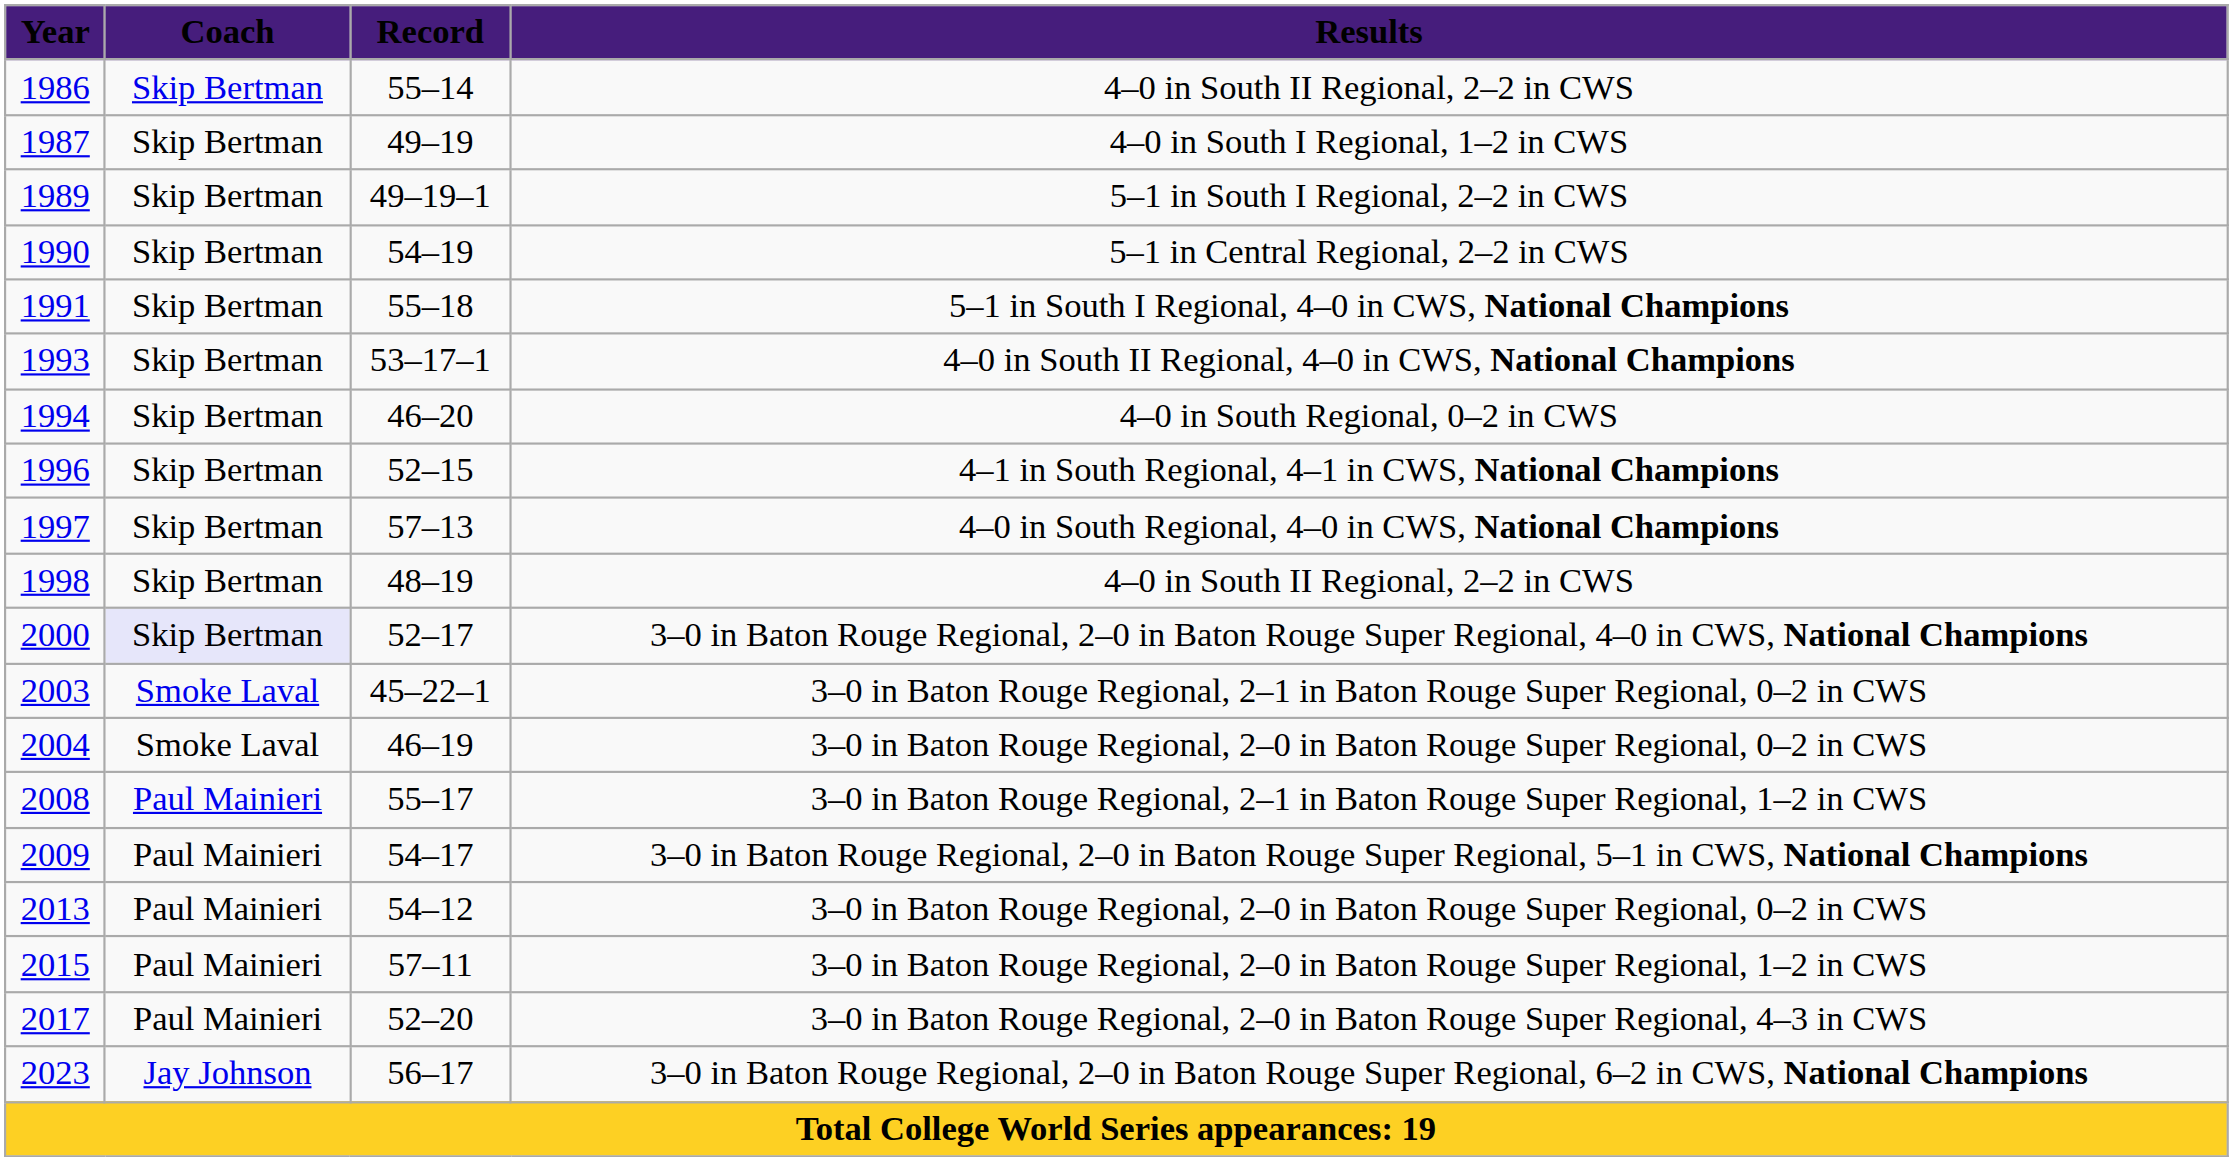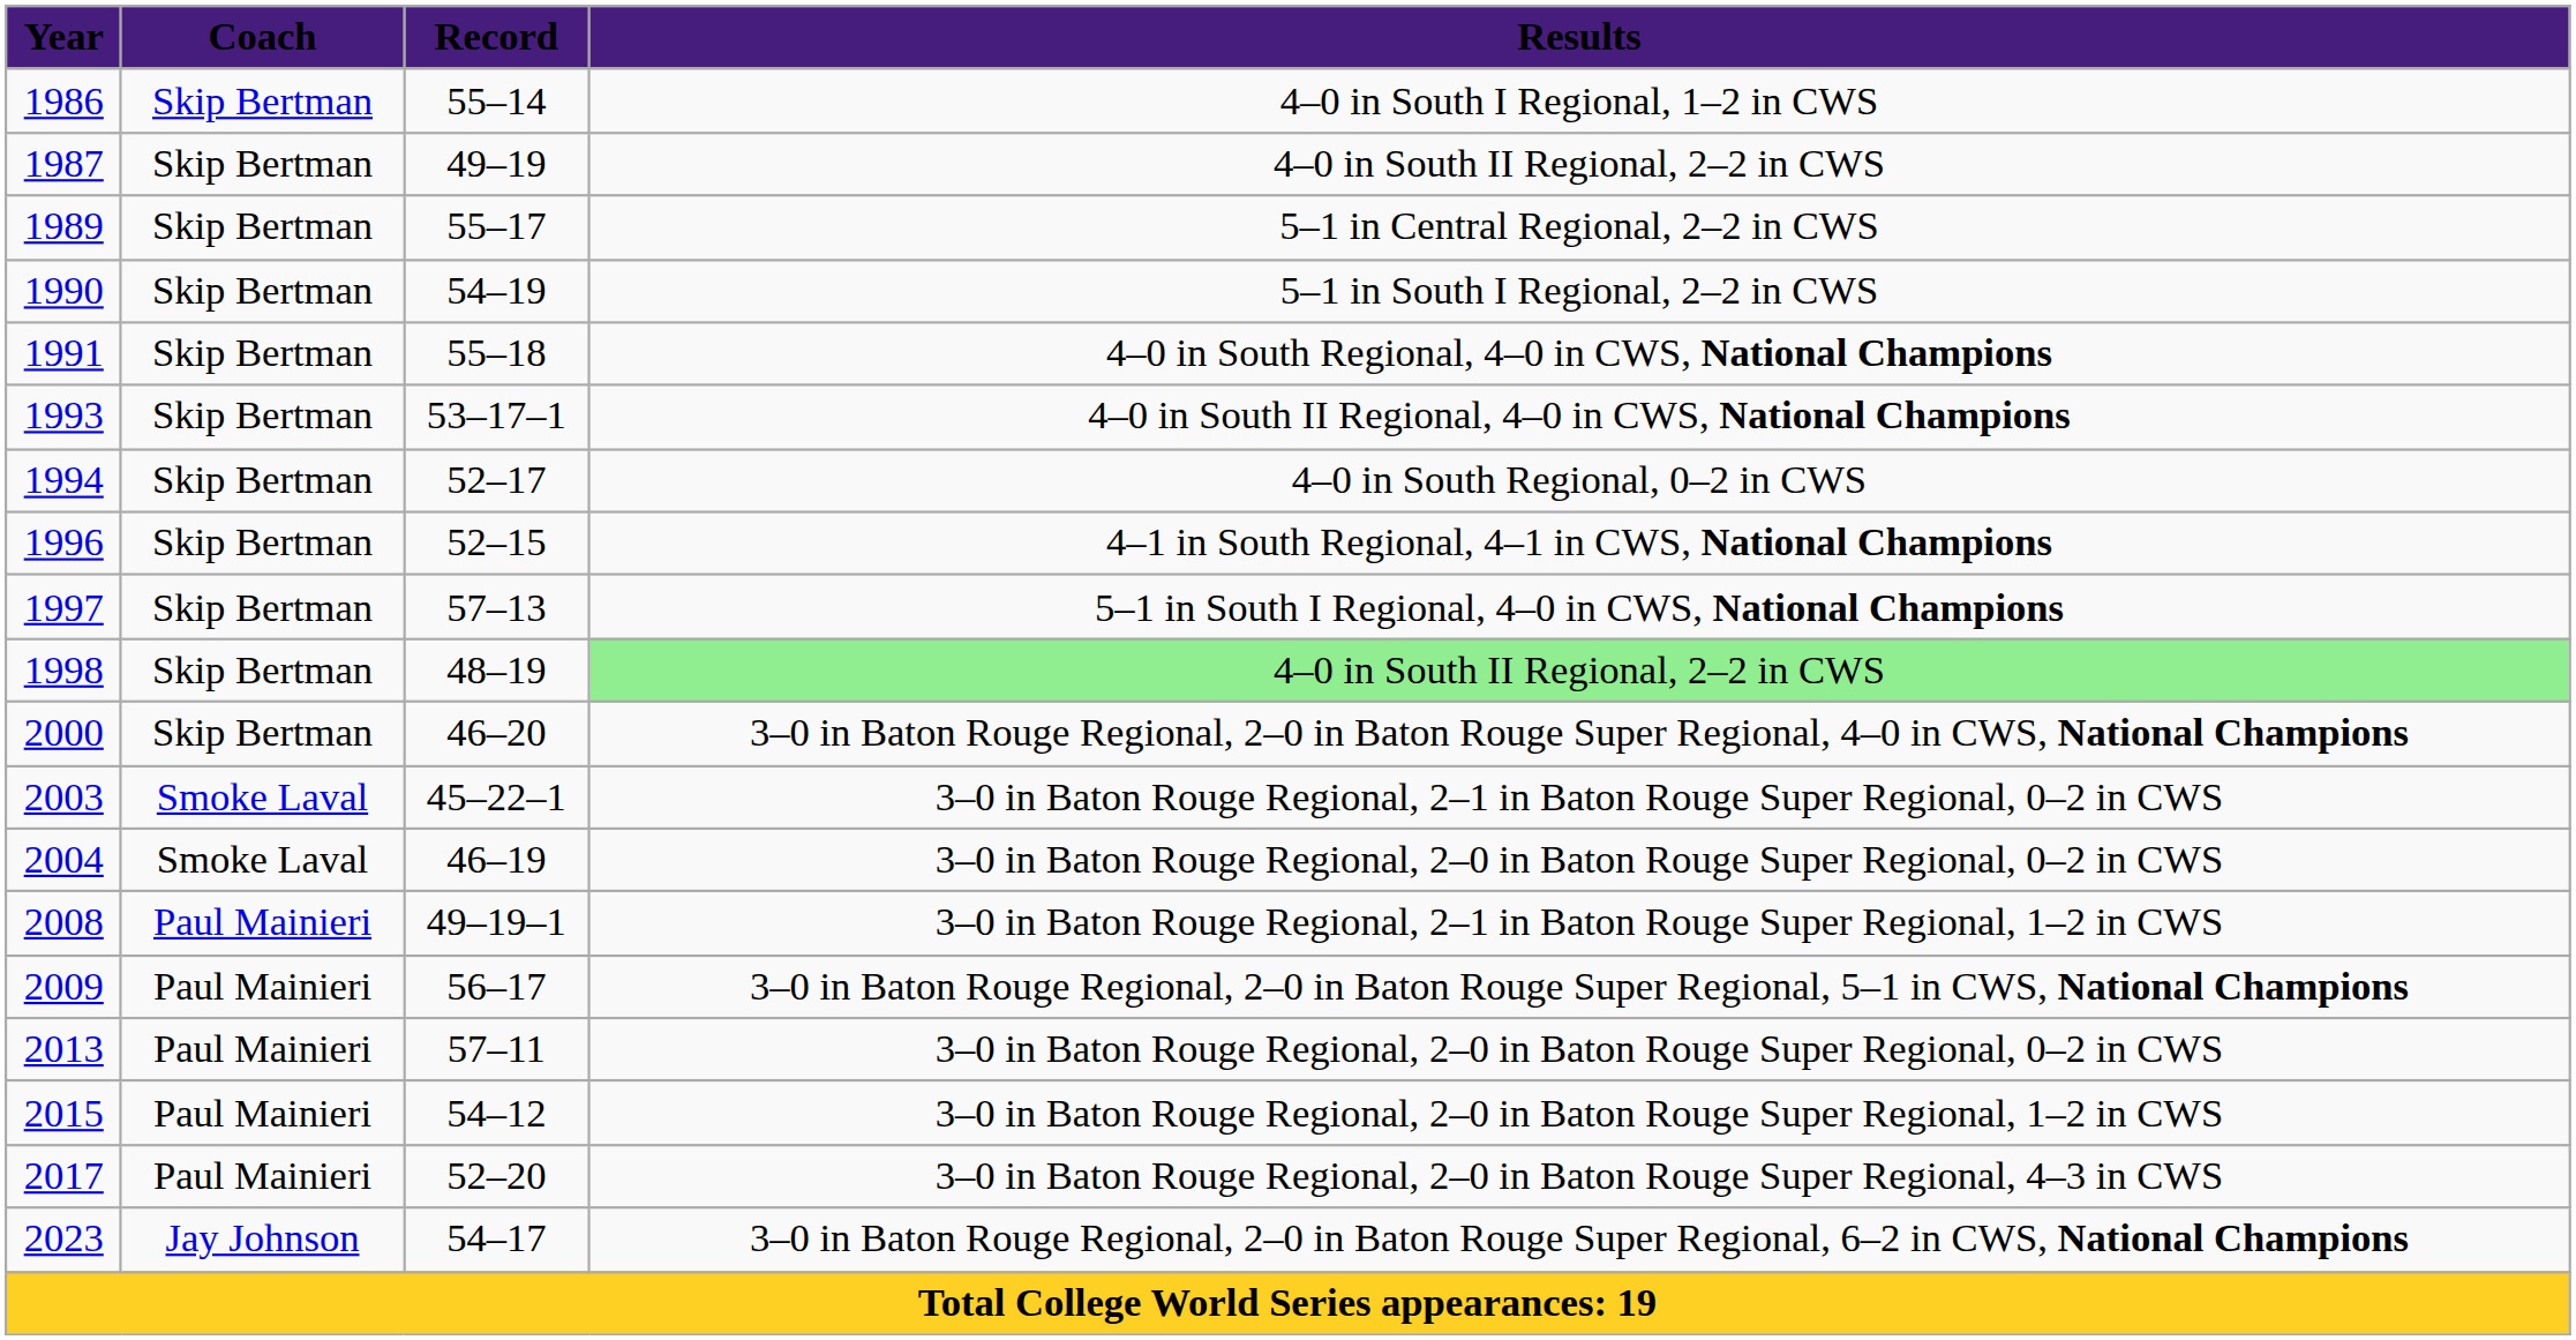 <table class="wikitable sortable" style="width:65%;">
 <tr>
 <th style="background:#461D7C;" align="center"><span>Year</span></th>
 <th style="background:#461D7C;" align="center"><span>Coach</span></th>
 <th style="background:#461D7C;" align="center"><span>Record</span></th>
 <th style="background:#461D7C;" align="center"><span>Results</span></th>
 </tr>
 <tr style="text-align:center;">
 <td><a href='#'>1986</a></td>
 <td><a href='#'>Skip Bertman</a></td>
 <td>55–14</td>
-<td>4–0 in South II Regional, 2–2 in CWS</td>
+<td>4–0 in South I Regional, 1–2 in CWS</td>
 </tr>
 <tr style="text-align:center;">
 <td><a href='#'>1987</a></td>
 <td>Skip Bertman</td>
 <td>49–19</td>
-<td>4–0 in South I Regional, 1–2 in CWS</td>
+<td>4–0 in South II Regional, 2–2 in CWS</td>
 </tr>
 <tr style="text-align:center;">
 <td><a href='#'>1989</a></td>
 <td>Skip Bertman</td>
-<td>49–19–1</td>
-<td>5–1 in South I Regional, 2–2 in CWS</td>
+<td>55–17</td>
+<td>5–1 in Central Regional, 2–2 in CWS</td>
 </tr>
 <tr style="text-align:center;">
 <td><a href='#'>1990</a></td>
 <td>Skip Bertman</td>
 <td>54–19</td>
-<td>5–1 in Central Regional, 2–2 in CWS</td>
+<td>5–1 in South I Regional, 2–2 in CWS</td>
 </tr>
 <tr style="text-align:center;">
 <td><a href='#'>1991</a></td>
 <td>Skip Bertman</td>
 <td>55–18</td>
-<td>5–1 in South I Regional, 4–0 in CWS, <strong>National Champions</strong></td>
+<td>4–0 in South Regional, 4–0 in CWS, <strong>National Champions</strong></td>
 </tr>
 <tr style="text-align:center;">
 <td><a href='#'>1993</a></td>
 <td>Skip Bertman</td>
 <td>53–17–1</td>
 <td>4–0 in South II Regional, 4–0 in CWS, <strong>National Champions</strong></td>
 </tr>
 <tr style="text-align:center;">
 <td><a href='#'>1994</a></td>
 <td>Skip Bertman</td>
-<td>46–20</td>
+<td>52–17</td>
 <td>4–0 in South Regional, 0–2 in CWS</td>
 </tr>
 <tr style="text-align:center;">
 <td><a href='#'>1996</a></td>
 <td>Skip Bertman</td>
 <td>52–15</td>
 <td>4–1 in South Regional, 4–1 in CWS, <strong>National Champions</strong></td>
 </tr>
 <tr style="text-align:center;">
 <td><a href='#'>1997</a></td>
 <td>Skip Bertman</td>
 <td>57–13</td>
-<td>4–0 in South Regional, 4–0 in CWS, <strong>National Champions</strong></td>
+<td>5–1 in South I Regional, 4–0 in CWS, <strong>National Champions</strong></td>
 </tr>
 <tr style="text-align:center;">
 <td><a href='#'>1998</a></td>
 <td>Skip Bertman</td>
 <td>48–19</td>
-<td>4–0 in South II Regional, 2–2 in CWS</td>
+<td style="background: lightgreen;">4–0 in South II Regional, 2–2 in CWS</td>
 </tr>
 <tr style="text-align:center;">
 <td><a href='#'>2000</a></td>
-<td style="background: lavender;">Skip Bertman</td>
-<td>52–17</td>
+<td>Skip Bertman</td>
+<td>46–20</td>
 <td>3–0 in Baton Rouge Regional, 2–0 in Baton Rouge Super Regional, 4–0 in CWS, <strong>National Champions</strong></td>
 </tr>
 <tr style="text-align:center;">
 <td><a href='#'>2003</a></td>
 <td><a href='#'>Smoke Laval</a></td>
 <td>45–22–1</td>
 <td>3–0 in Baton Rouge Regional, 2–1 in Baton Rouge Super Regional, 0–2 in CWS</td>
 </tr>
 <tr style="text-align:center;">
 <td><a href='#'>2004</a></td>
 <td>Smoke Laval</td>
 <td>46–19</td>
 <td>3–0 in Baton Rouge Regional, 2–0 in Baton Rouge Super Regional, 0–2 in CWS</td>
 </tr>
 <tr style="text-align:center;">
 <td><a href='#'>2008</a></td>
 <td><a href='#'>Paul Mainieri</a></td>
-<td>55–17</td>
+<td>49–19–1</td>
 <td>3–0 in Baton Rouge Regional, 2–1 in Baton Rouge Super Regional, 1–2 in CWS</td>
 </tr>
 <tr style="text-align:center;">
 <td><a href='#'>2009</a></td>
 <td>Paul Mainieri</td>
-<td>54–17</td>
+<td>56–17</td>
 <td>3–0 in Baton Rouge Regional, 2–0 in Baton Rouge Super Regional, 5–1 in CWS, <strong>National Champions</strong></td>
 </tr>
 <tr style="text-align:center;">
 <td><a href='#'>2013</a></td>
 <td>Paul Mainieri</td>
-<td>54–12</td>
+<td>57–11</td>
 <td>3–0 in Baton Rouge Regional, 2–0 in Baton Rouge Super Regional, 0–2 in CWS</td>
 </tr>
 <tr style="text-align:center;">
 <td><a href='#'>2015</a></td>
 <td>Paul Mainieri</td>
-<td>57–11</td>
+<td>54–12</td>
 <td>3–0 in Baton Rouge Regional, 2–0 in Baton Rouge Super Regional, 1–2 in CWS</td>
 </tr>
 <tr style="color:#000; text-align:center;">
 <td><a href='#'>2017</a></td>
 <td>Paul Mainieri</td>
 <td>52–20</td>
 <td>3–0 in Baton Rouge Regional, 2–0 in Baton Rouge Super Regional, 4–3 in CWS</td>
 </tr>
 <tr style="color:#000; text-align:center;">
 <td><a href='#'>2023</a></td>
 <td><a href='#'>Jay Johnson</a></td>
-<td>56–17</td>
+<td>54–17</td>
 <td>3–0 in Baton Rouge Regional, 2–0 in Baton Rouge Super Regional, 6–2 in CWS, <strong>National Champions</strong></td>
 </tr>
 <tr style="color:#000; text-align:center; background:#FDD023;" class="sortbottom">
 <th colspan="4" style="background:#FDD023; color:#000;"><strong>Total College World Series appearances: 19</strong></th>
 </tr>
 </table>
